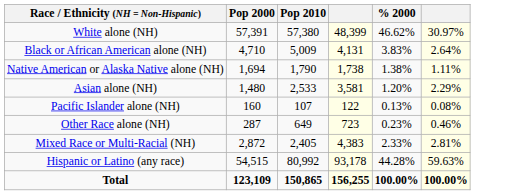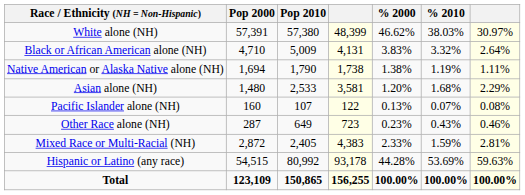 <table class="wikitable" style="text-align:center;">
 <tr>
 <th>Race / Ethnicity <small>(<em>NH = Non-Hispanic</em>)</small></th>
 <th>Pop 2000</th>
 <th>Pop 2010</th>
 <th></th>
 <th>% 2000</th>
+<th>% 2010</th>
 <th></th>
 </tr>
 <tr>
 <td><a href='#'>White</a> alone (NH)</td>
 <td>57,391</td>
 <td>57,380</td>
 <td style='background: #ffffe6;'>48,399</td>
 <td>46.62%</td>
+<td>38.03%</td>
 <td style='background: #ffffe6;'>30.97%</td>
 </tr>
 <tr>
 <td><a href='#'>Black or African American</a> alone (NH)</td>
 <td>4,710</td>
 <td>5,009</td>
 <td style='background: #ffffe6;'>4,131</td>
 <td>3.83%</td>
+<td>3.32%</td>
 <td style='background: #ffffe6;'>2.64%</td>
 </tr>
 <tr>
 <td><a href='#'>Native American</a> or <a href='#'>Alaska Native</a> alone (NH)</td>
 <td>1,694</td>
 <td>1,790</td>
 <td style='background: #ffffe6;'>1,738</td>
 <td>1.38%</td>
+<td>1.19%</td>
 <td style='background: #ffffe6;'>1.11%</td>
 </tr>
 <tr>
 <td><a href='#'>Asian</a> alone (NH)</td>
 <td>1,480</td>
 <td>2,533</td>
 <td style='background: #ffffe6;'>3,581</td>
 <td>1.20%</td>
+<td>1.68%</td>
 <td style='background: #ffffe6;'>2.29%</td>
 </tr>
 <tr>
 <td><a href='#'>Pacific Islander</a> alone (NH)</td>
 <td>160</td>
 <td>107</td>
 <td style='background: #ffffe6;'>122</td>
 <td>0.13%</td>
+<td>0.07%</td>
 <td style='background: #ffffe6;'>0.08%</td>
 </tr>
 <tr>
 <td><a href='#'>Other Race</a> alone (NH)</td>
 <td>287</td>
 <td>649</td>
 <td style='background: #ffffe6;'>723</td>
 <td>0.23%</td>
+<td>0.43%</td>
 <td style='background: #ffffe6;'>0.46%</td>
 </tr>
 <tr>
 <td><a href='#'>Mixed Race or Multi-Racial</a> (NH)</td>
 <td>2,872</td>
 <td>2,405</td>
 <td style='background: #ffffe6;'>4,383</td>
 <td>2.33%</td>
+<td>1.59%</td>
 <td style='background: #ffffe6;'>2.81%</td>
 </tr>
 <tr>
 <td><a href='#'>Hispanic or Latino</a> (any race)</td>
 <td>54,515</td>
 <td>80,992</td>
 <td style='background: #ffffe6;'>93,178</td>
 <td>44.28%</td>
+<td>53.69%</td>
 <td style='background: #ffffe6;'>59.63%</td>
 </tr>
 <tr>
 <td><strong>Total</strong></td>
 <td><strong>123,109</strong></td>
 <td><strong>150,865</strong></td>
 <td style='background: #ffffe6;'><strong>156,255</strong></td>
 <td><strong>100.00%</strong></td>
+<td><strong>100.00%</strong></td>
 <td style='background: #ffffe6;'><strong>100.00%</strong></td>
 </tr>
 </table>
